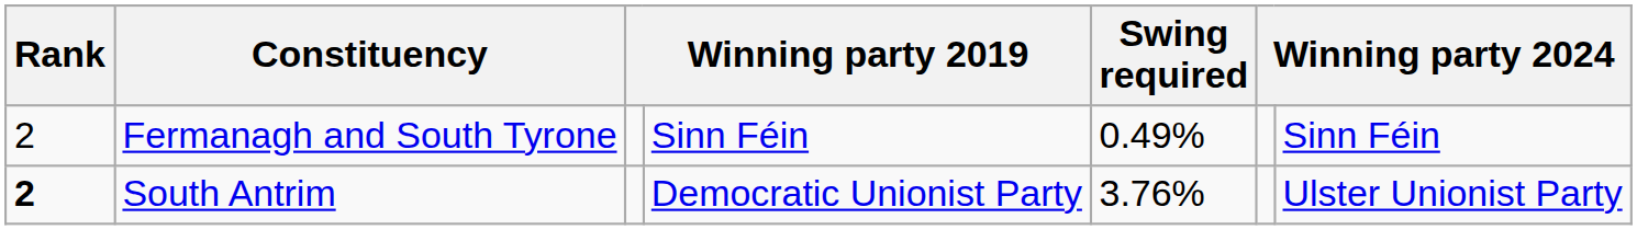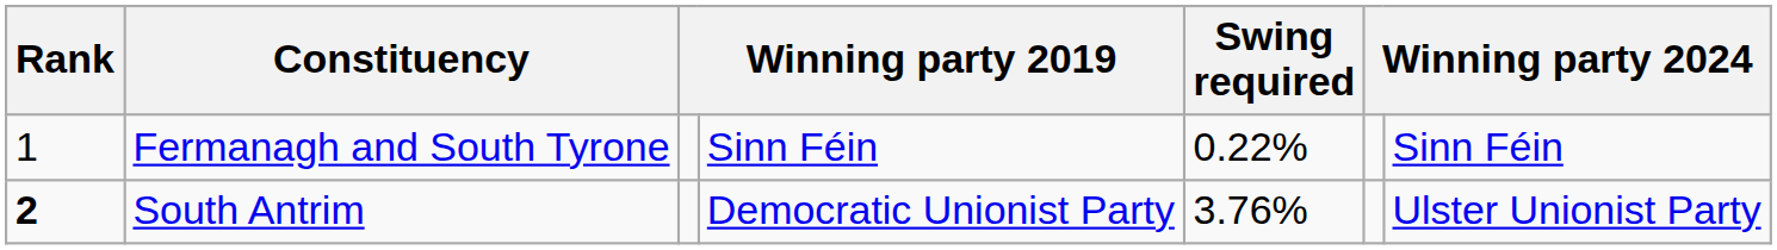 <table class="wikitable sortable">
 <tr>
 <th>Rank</th>
 <th>Constituency</th>
 <th colspan=2>Winning party 2019</th>
 <th>Swing <br>required</th>
 <th colspan=2>Winning party 2024</th>
 </tr>
 <tr>
-<td>2</td>
+<td>1</td>
 <td><a href='#'>Fermanagh and South Tyrone</a></td>
 <td class="unsortable" style="background-color: "></td>
 <td><a href='#'>Sinn Féin</a></td>
-<td>0.49%</td>
+<td>0.22%</td>
 <td class="unsortable" style="background-color: "></td>
 <td><a href='#'>Sinn Féin</a></td>
 </tr>
 <tr>
 <td><strong>2</strong></td>
 <td><a href='#'>South Antrim</a></td>
 <td class="unsortable" style="background-color: "></td>
 <td><a href='#'>Democratic Unionist Party</a></td>
 <td>3.76%</td>
 <td class="unsortable" style="background-color: "></td>
 <td><a href='#'>Ulster Unionist Party</a></td>
 </tr>
 </table>
